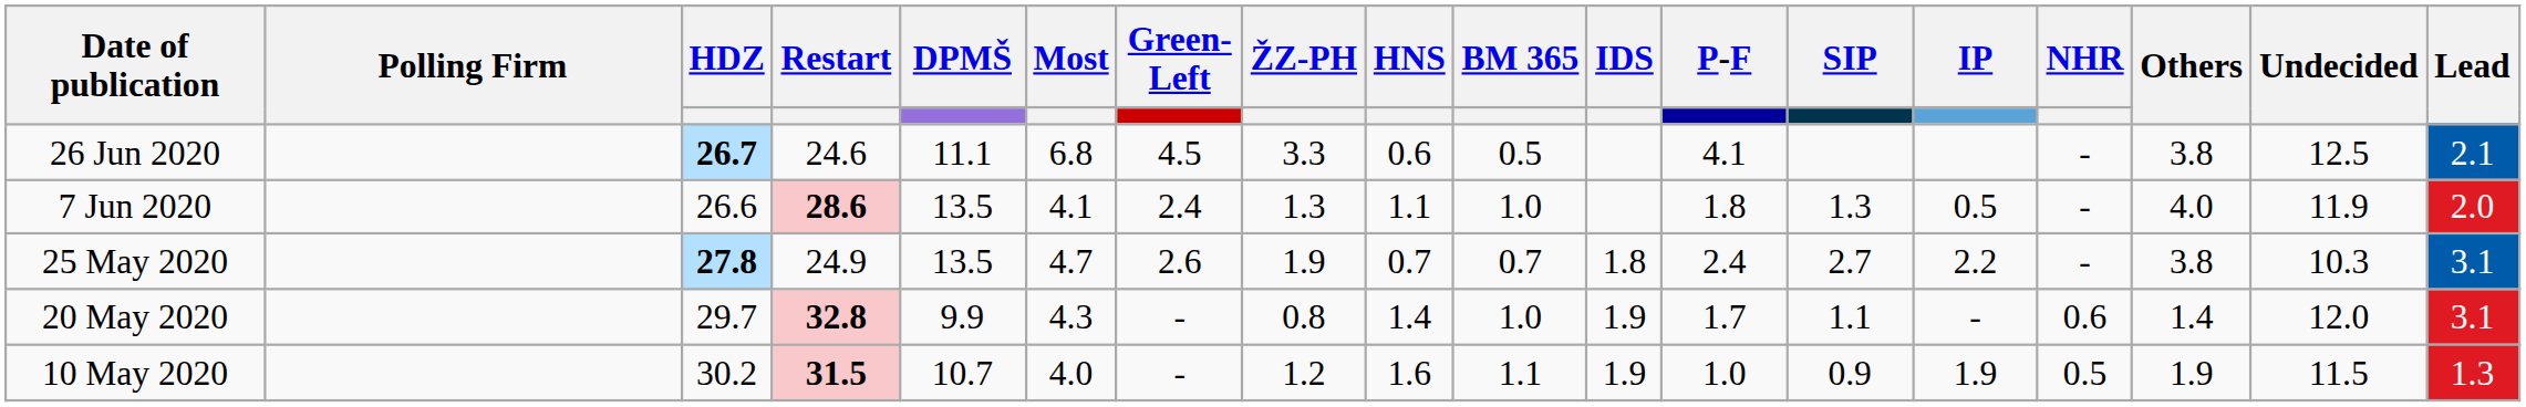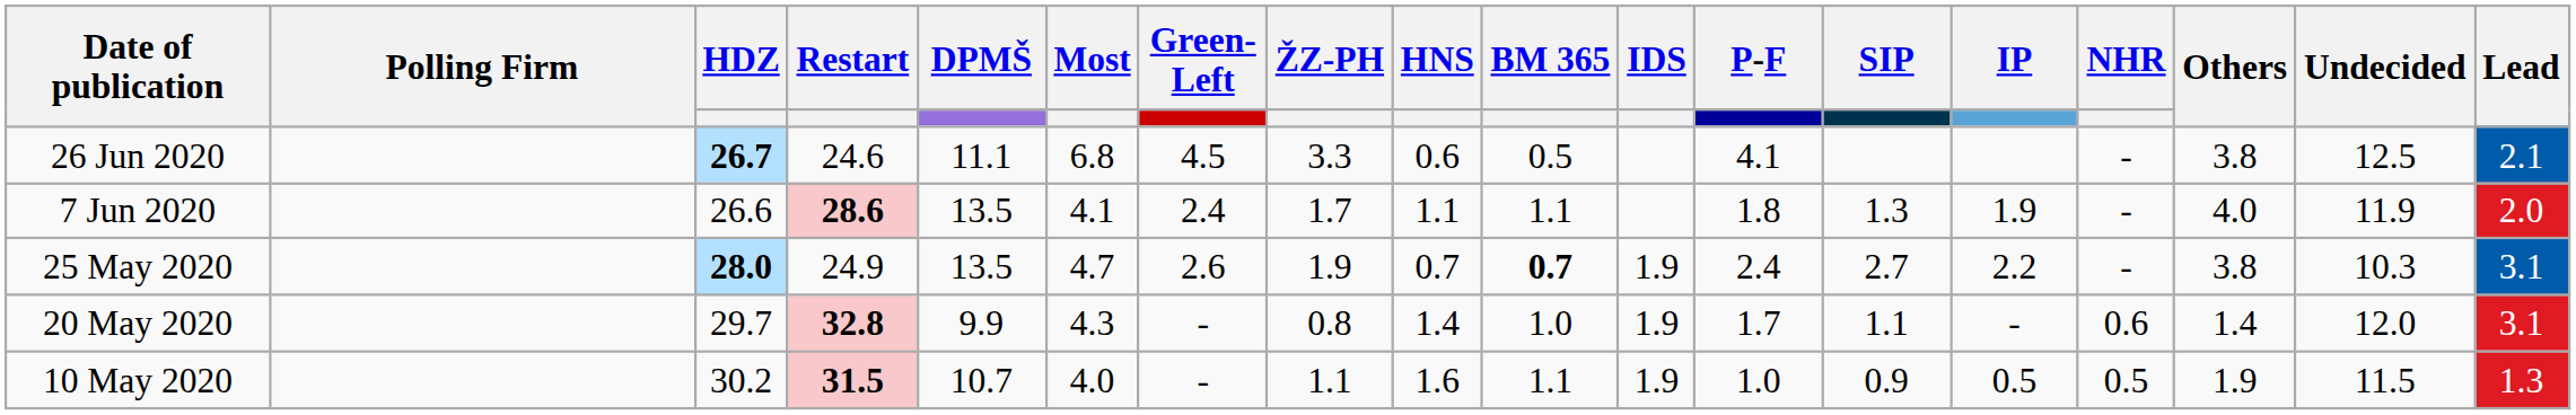 <table class="wikitable sortable" style="text-align:center; font-size:90%; line-height:16px;">
 <tr style="height:42px;">
 <th style="width:100px;" rowspan="2">Date of publication</th>
 <th style="width:165px;" rowspan="2">Polling Firm</th>
 <th class="unsortable"><a href='#'>HDZ</a></th>
 <th class="unsortable"><a href='#'>Restart</a></th>
 <th class="unsortable"><a href='#'>DPMŠ</a></th>
 <th class="unsortable"><a href='#'>Most</a></th>
 <th class="unsortable"><a href='#'>Green-Left</a></th>
 <th class="unsortable"><a href='#'>ŽZ-PH</a></th>
 <th class="unsortable"><a href='#'>HNS</a></th>
 <th class="unsortable"><a href='#'>BM 365</a></th>
 <th class="unsortable"><a href='#'>IDS</a></th>
 <th class="unsortable"><a href='#'>P</a>-<a href='#'>F</a></th>
 <th class="unsortable"><a href='#'>SIP</a></th>
 <th class="unsortable"><a href='#'>IP</a></th>
 <th class="unsortable"><a href='#'>NHR</a></th>
 <th class="unsortable" style="width:40px;" rowspan="2">Others</th>
 <th class="unsortable" style="width:40px;" rowspan="2">Undecided</th>
 <th class="unsortable" style="width:20px;" rowspan="2">Lead</th>
 </tr>
 <tr>
 <th class="unsortable" style="color:inherit;background:"></th>
 <th class="unsortable" style="color:inherit;background:"></th>
 <th class="unsortable" style="color:inherit;background:#9370db; width:45px;"></th>
 <th class="unsortable" style="color:inherit;background:"></th>
 <th class="unsortable" style="background:#cc0000" width="45px"></th>
 <th class="unsortable" style="color:inherit;background:"></th>
 <th class="unsortable" style="color:inherit;background:"></th>
 <th class="unsortable" style="color:inherit;background:"></th>
 <th class="unsortable" style="background:"></th>
 <th class="unsortable" style="background:#00009a" width="45px"></th>
 <th class="unsortable" style="background:#00334E" width="45px"></th>
 <th class="unsortable" style="background:#59a3d6" width="45px"></th>
 <th class="unsortable" style="background:"></th>
 </tr>
 <tr>
 <td>26 Jun 2020</td>
 <td></td>
 <td style="background:#B3E0FF"><strong>26.7</strong></td>
 <td>24.6</td>
 <td>11.1</td>
 <td>6.8</td>
 <td>4.5</td>
 <td>3.3</td>
 <td>0.6</td>
 <td>0.5</td>
 <td></td>
 <td>4.1</td>
 <td></td>
 <td></td>
 <td>-</td>
 <td>3.8</td>
 <td>12.5</td>
 <td style="background:#005BAA; color: white">2.1</td>
 </tr>
 <tr>
 <td>7 Jun 2020</td>
 <td></td>
 <td>26.6</td>
 <td style="background:#F9C8CA"><strong>28.6</strong></td>
 <td>13.5</td>
 <td>4.1</td>
 <td>2.4</td>
-<td>1.3</td>
+<td>1.7</td>
 <td>1.1</td>
-<td>1.0</td>
+<td>1.1</td>
 <td></td>
 <td>1.8</td>
 <td>1.3</td>
-<td>0.5</td>
+<td>1.9</td>
 <td>-</td>
 <td>4.0</td>
 <td>11.9</td>
 <td style="background:#DF1A22; color:white;">2.0</td>
 </tr>
 <tr>
 <td>25 May 2020</td>
 <td></td>
-<td style="background:#B3E0FF"><strong>27.8</strong></td>
+<td style="background:#B3E0FF"><strong>28.0</strong></td>
 <td>24.9</td>
 <td>13.5</td>
 <td>4.7</td>
 <td>2.6</td>
 <td>1.9</td>
 <td>0.7</td>
-<td>0.7</td>
-<td>1.8</td>
+<td><strong>0.7</strong></td>
+<td>1.9</td>
 <td>2.4</td>
 <td>2.7</td>
 <td>2.2</td>
 <td>-</td>
 <td>3.8</td>
 <td>10.3</td>
 <td style="background:#005BAA; color: white">3.1</td>
 </tr>
 <tr>
 <td>20 May 2020</td>
 <td></td>
 <td>29.7</td>
 <td style="background:#F9C8CA"><strong>32.8</strong></td>
 <td>9.9</td>
 <td>4.3</td>
 <td>-</td>
 <td>0.8</td>
 <td>1.4</td>
 <td>1.0</td>
 <td>1.9</td>
 <td>1.7</td>
 <td>1.1</td>
 <td>-</td>
 <td>0.6</td>
 <td>1.4</td>
 <td>12.0</td>
 <td style="background:#DF1A22; color:white;">3.1</td>
 </tr>
 <tr>
 <td>10 May 2020</td>
 <td></td>
 <td>30.2</td>
 <td style="background:#F9C8CA"><strong>31.5</strong></td>
 <td>10.7</td>
 <td>4.0</td>
 <td>-</td>
-<td>1.2</td>
+<td>1.1</td>
 <td>1.6</td>
 <td>1.1</td>
 <td>1.9</td>
 <td>1.0</td>
 <td>0.9</td>
-<td>1.9</td>
+<td>0.5</td>
 <td>0.5</td>
 <td>1.9</td>
 <td>11.5</td>
 <td style="background:#DF1A22; color:white;">1.3</td>
 </tr>
 </table>
